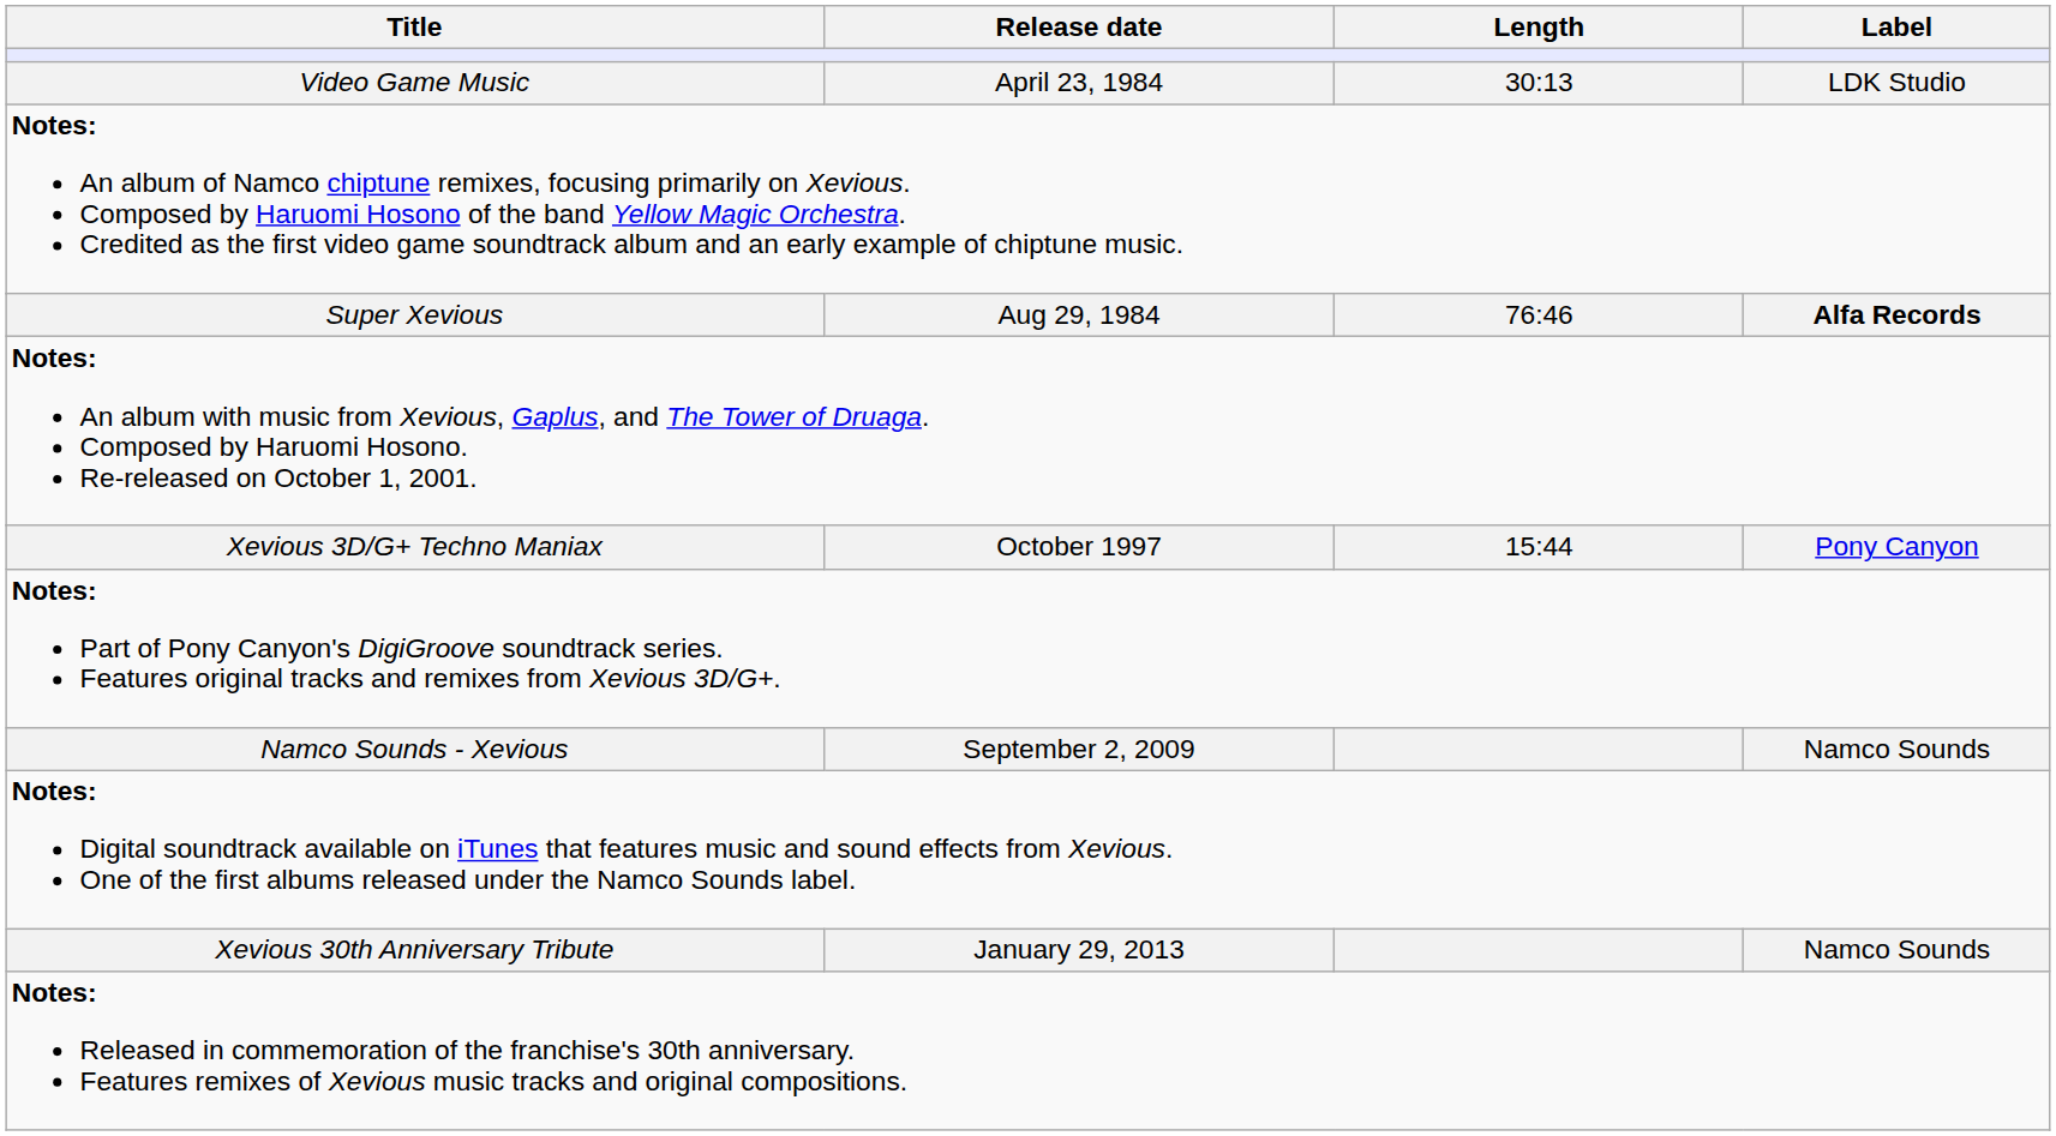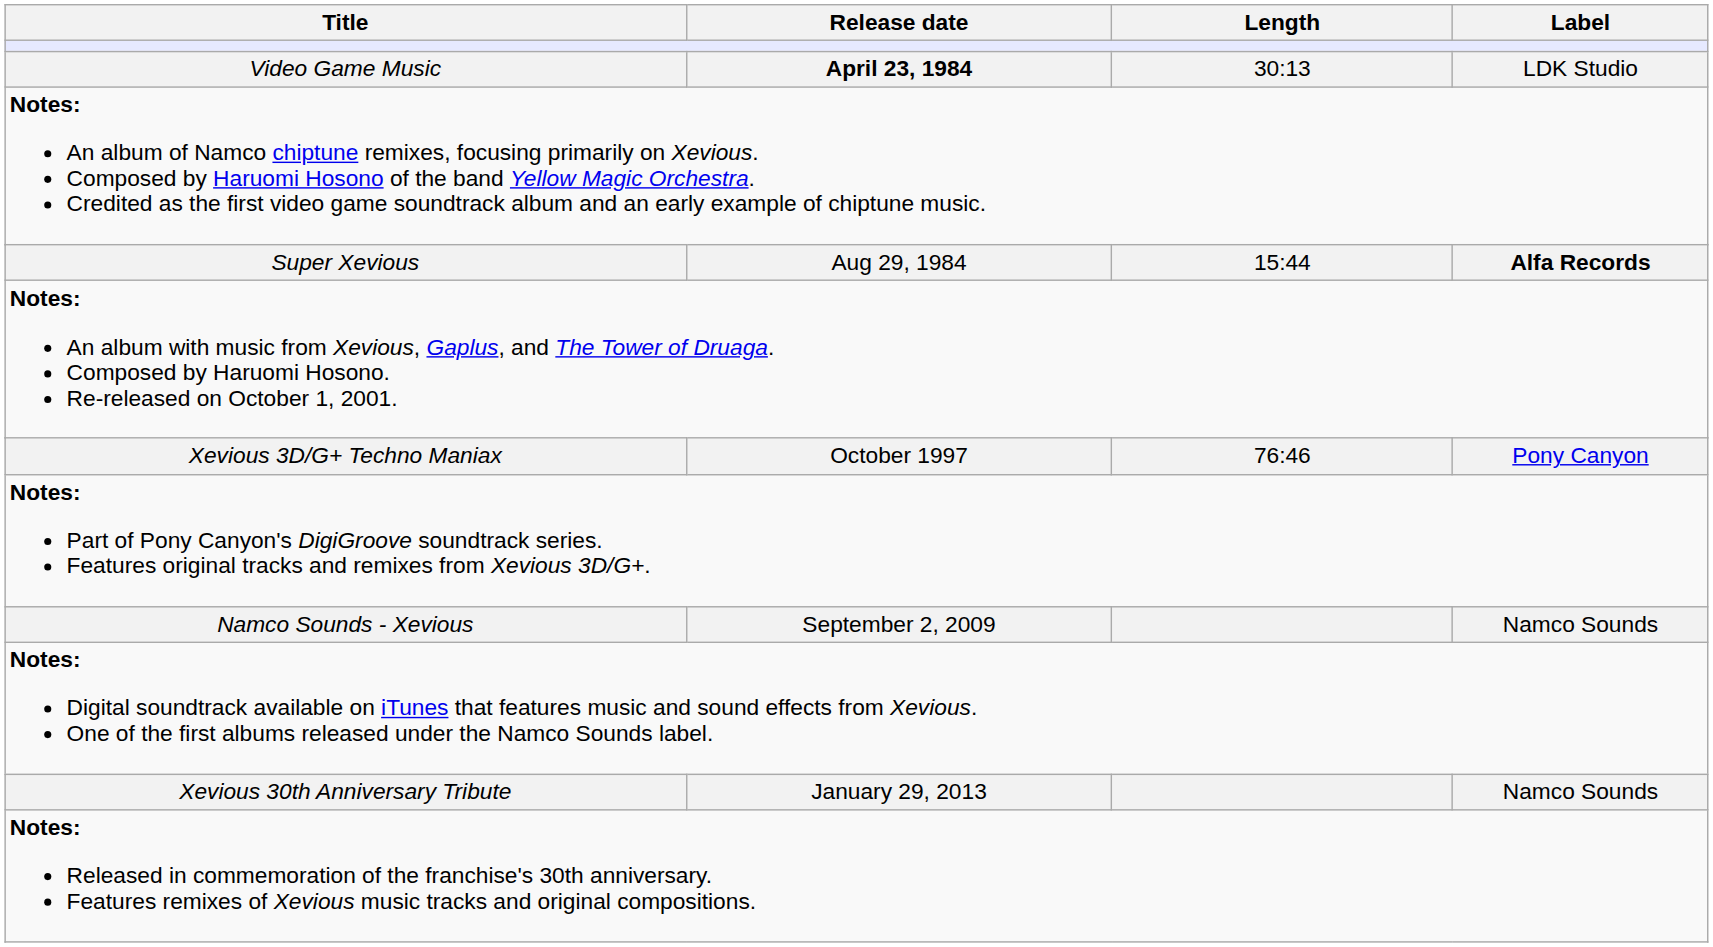 <table class="wikitable" style="margin:1em auto; width:95%;">
 <tr style="text-align: center;">
 <th colspan="2" width="40%">Title</th>
 <th colspan="1" width="25%">Release date</th>
 <th colspan="1" width="20%">Length</th>
 <th colspan="1" width="45%">Label</th>
 </tr>
 <tr>
 <td colspan="5" style="background:#e6e9ff;"></td>
 </tr>
 <tr style="background:#F2F2F2;" align="center">
 <td colspan="2"><em>Video Game Music</em></td>
-<td colspan="1">April 23, 1984</td>
+<td colspan="1"><strong>April 23, 1984</strong></td>
 <td colspan="1">30:13</td>
 <td colspan="1">LDK Studio</td>
 </tr>
 <tr>
 <td colspan="5" style="border: none; vertical-align: top;"><strong>Notes:</strong><br><ul><li>An album of Namco <a href='#'>chiptune</a> remixes, focusing primarily on <em>Xevious</em>.</li><li>Composed by <a href='#'>Haruomi Hosono</a> of the band <em><a href='#'>Yellow Magic Orchestra</a></em>.</li><li>Credited as the first video game soundtrack album and an early example of chiptune music.</li></ul></td>
 </tr>
 <tr>
 </tr>
 <tr style="background:#F2F2F2;" align="center">
 <td colspan="2"><em>Super Xevious</em></td>
 <td colspan="1">Aug 29, 1984</td>
-<td colspan="1">76:46</td>
+<td colspan="1">15:44</td>
 <td colspan="1"><strong>Alfa Records</strong></td>
 </tr>
 <tr>
 <td colspan="5" style="border: none; vertical-align: top;"><strong>Notes:</strong><br><ul><li>An album with music from <em>Xevious</em>, <em><a href='#'>Gaplus</a></em>, and <em><a href='#'>The Tower of Druaga</a></em>.</li><li>Composed by Haruomi Hosono.</li><li>Re-released on October 1, 2001.</li></ul></td>
 </tr>
 <tr>
 </tr>
 <tr style="background:#F2F2F2;" align="center">
 <td colspan="2"><em>Xevious 3D/G+ Techno Maniax</em></td>
 <td colspan="1">October 1997</td>
-<td colspan="1">15:44</td>
+<td colspan="1">76:46</td>
 <td colspan="1"><a href='#'>Pony Canyon</a></td>
 </tr>
 <tr>
 <td colspan="5" style="border: none; vertical-align: top;"><strong>Notes:</strong><br><ul><li>Part of Pony Canyon's <em>DigiGroove</em> soundtrack series.</li><li>Features original tracks and remixes from <em>Xevious 3D/G+</em>.</li></ul></td>
 </tr>
 <tr>
 </tr>
 <tr style="background:#F2F2F2;" align="center">
 <td colspan="2"><em>Namco Sounds - Xevious</em></td>
 <td colspan="1">September 2, 2009</td>
 <td colspan="1"></td>
 <td colspan="1">Namco Sounds</td>
 </tr>
 <tr>
 <td colspan="5" style="border: none; vertical-align: top;"><strong>Notes:</strong><br><ul><li>Digital soundtrack available on <a href='#'>iTunes</a> that features music and sound effects from <em>Xevious</em>.</li><li>One of the first albums released under the Namco Sounds label.</li></ul></td>
 </tr>
 <tr>
 </tr>
 <tr style="background:#F2F2F2;" align="center">
 <td colspan="2"><em>Xevious 30th Anniversary Tribute</em></td>
 <td colspan="1">January 29, 2013</td>
 <td colspan="1"></td>
 <td colspan="1">Namco Sounds</td>
 </tr>
 <tr>
 <td colspan="5" style="border: none; vertical-align: top;"><strong>Notes:</strong><br><ul><li>Released in commemoration of the franchise's 30th anniversary.</li><li>Features remixes of <em>Xevious</em> music tracks and original compositions.</li></ul></td>
 </tr>
 <tr>
 </tr>
 </table>
